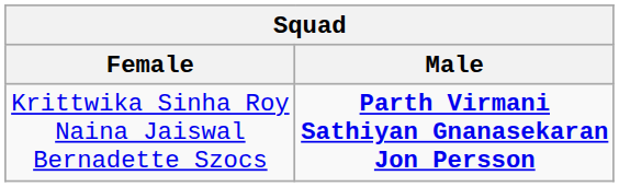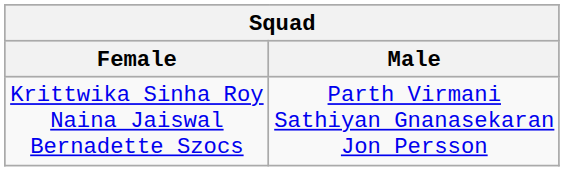 <table class="wikitable" style="text-align:center;">
 <tr>
 <th colspan="4">Squad </th>
 </tr>
 <tr>
 <th>Female</th>
 <th>Male</th>
 </tr>
 <tr>
 <td> <a href='#'>Krittwika Sinha Roy</a><br> <a href='#'>Naina Jaiswal</a><br> <a href='#'>Bernadette Szocs</a></td>
-<td><strong> <a href='#'>Parth Virmani</a><br> <a href='#'>Sathiyan Gnanasekaran</a><br> <a href='#'>Jon Persson</a></strong></td>
+<td> <a href='#'>Parth Virmani</a><br> <a href='#'>Sathiyan Gnanasekaran</a><br> <a href='#'>Jon Persson</a></td>
 </tr>
 </table>
